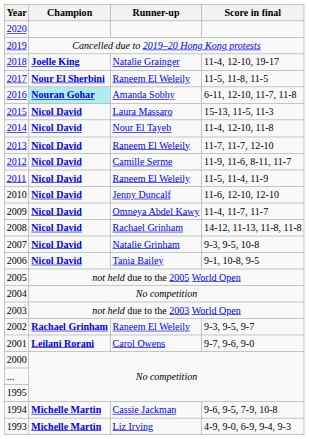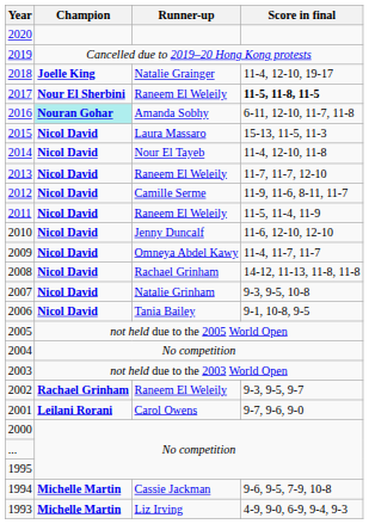 <table class="wikitable"style="font-size:95%;">
 <tr>
 <th>Year</th>
 <th>Champion</th>
 <th>Runner-up</th>
 <th>Score in final</th>
 </tr>
 <tr>
 <td><a href='#'>2020</a></td>
 <td></td>
 <td></td>
 <td></td>
 </tr>
 <tr>
 <td><a href='#'>2019</a></td>
 <td rowspan=1 colspan=3 align="center"><em>Cancelled due to <a href='#'>2019–20 Hong Kong protests</a></em></td>
 </tr>
 <tr>
 <td><a href='#'>2018</a></td>
 <td> <strong><a href='#'>Joelle King</a></strong></td>
 <td> <a href='#'>Natalie Grainger</a></td>
 <td>11-4, 12-10, 19-17</td>
 </tr>
 <tr>
 <td><a href='#'>2017</a></td>
 <td> <strong><a href='#'>Nour El Sherbini</a></strong></td>
 <td> <a href='#'>Raneem El Weleily</a></td>
-<td>11-5, 11-8, 11-5</td>
+<td><strong>11-5, 11-8, 11-5</strong></td>
 </tr>
 <tr>
 <td><a href='#'>2016</a></td>
 <td style="background: paleturquoise;"> <strong><a href='#'>Nouran Gohar</a></strong></td>
 <td> <a href='#'>Amanda Sobhy</a></td>
 <td>6-11, 12-10, 11-7, 11-8</td>
 </tr>
 <tr>
 <td><a href='#'>2015</a></td>
 <td> <strong><a href='#'>Nicol David</a></strong></td>
 <td> <a href='#'>Laura Massaro</a></td>
 <td>15-13, 11-5, 11-3</td>
 </tr>
 <tr>
 <td><a href='#'>2014</a></td>
 <td> <strong><a href='#'>Nicol David</a></strong></td>
 <td> <a href='#'>Nour El Tayeb</a></td>
 <td>11-4, 12-10, 11-8</td>
 </tr>
 <tr>
 <td><a href='#'>2013</a></td>
 <td> <strong><a href='#'>Nicol David</a></strong></td>
 <td> <a href='#'>Raneem El Weleily</a></td>
 <td>11-7, 11-7, 12-10</td>
 </tr>
 <tr>
 <td><a href='#'>2012</a></td>
 <td> <strong><a href='#'>Nicol David</a></strong></td>
 <td> <a href='#'>Camille Serme</a></td>
 <td>11-9, 11-6, 8-11, 11-7</td>
 </tr>
 <tr>
 <td><a href='#'>2011</a></td>
 <td> <strong><a href='#'>Nicol David</a></strong></td>
 <td> <a href='#'>Raneem El Weleily</a></td>
 <td>11-5, 11-4, 11-9</td>
 </tr>
 <tr>
 <td>2010</td>
 <td> <strong><a href='#'>Nicol David</a></strong></td>
 <td> <a href='#'>Jenny Duncalf</a></td>
 <td>11-6, 12-10, 12-10</td>
 </tr>
 <tr>
 <td>2009</td>
 <td> <strong><a href='#'>Nicol David</a></strong></td>
 <td> <a href='#'>Omneya Abdel Kawy</a></td>
 <td>11-4, 11-7, 11-7</td>
 </tr>
 <tr>
 <td>2008</td>
 <td> <strong><a href='#'>Nicol David</a></strong></td>
 <td> <a href='#'>Rachael Grinham</a></td>
 <td>14-12, 11-13, 11-8, 11-8</td>
 </tr>
 <tr>
 <td>2007</td>
 <td> <strong><a href='#'>Nicol David</a></strong></td>
 <td> <a href='#'>Natalie Grinham</a></td>
 <td>9-3, 9-5, 10-8</td>
 </tr>
 <tr>
 <td>2006</td>
 <td> <strong><a href='#'>Nicol David</a></strong></td>
 <td> <a href='#'>Tania Bailey</a></td>
 <td>9-1, 10-8, 9-5</td>
 </tr>
 <tr>
 <td>2005</td>
 <td rowspan=1 colspan=3 align="center"><em>not held</em> due to the <a href='#'>2005</a> <a href='#'>World Open</a></td>
 </tr>
 <tr>
 <td>2004</td>
 <td rowspan=1 colspan=3 align="center"><em>No competition</em></td>
 </tr>
 <tr>
 <td>2003</td>
 <td rowspan=1 colspan=3 align="center"><em>not held</em> due to the <a href='#'>2003</a> <a href='#'>World Open</a></td>
 </tr>
 <tr>
 <td>2002</td>
 <td> <strong><a href='#'>Rachael Grinham</a></strong></td>
 <td> <a href='#'>Raneem El Weleily</a></td>
 <td>9-3, 9-5, 9-7</td>
 </tr>
 <tr>
 <td>2001</td>
 <td> <strong><a href='#'>Leilani Rorani</a></strong></td>
 <td> <a href='#'>Carol Owens</a></td>
 <td>9-7, 9-6, 9-0</td>
 </tr>
 <tr>
 <td>2000</td>
 <td rowspan=3 colspan=3 align="center"><em>No competition</em></td>
 </tr>
 <tr>
 <td>...</td>
 </tr>
 <tr>
 <td>1995</td>
 </tr>
 <tr>
 <td>1994</td>
 <td> <strong><a href='#'>Michelle Martin</a></strong></td>
 <td> <a href='#'>Cassie Jackman</a></td>
 <td>9-6, 9-5, 7-9, 10-8</td>
 </tr>
 <tr>
 <td>1993</td>
 <td> <strong><a href='#'>Michelle Martin</a></strong></td>
 <td> <a href='#'>Liz Irving</a></td>
 <td>4-9, 9-0, 6-9, 9-4, 9-3</td>
 </tr>
 </table>
